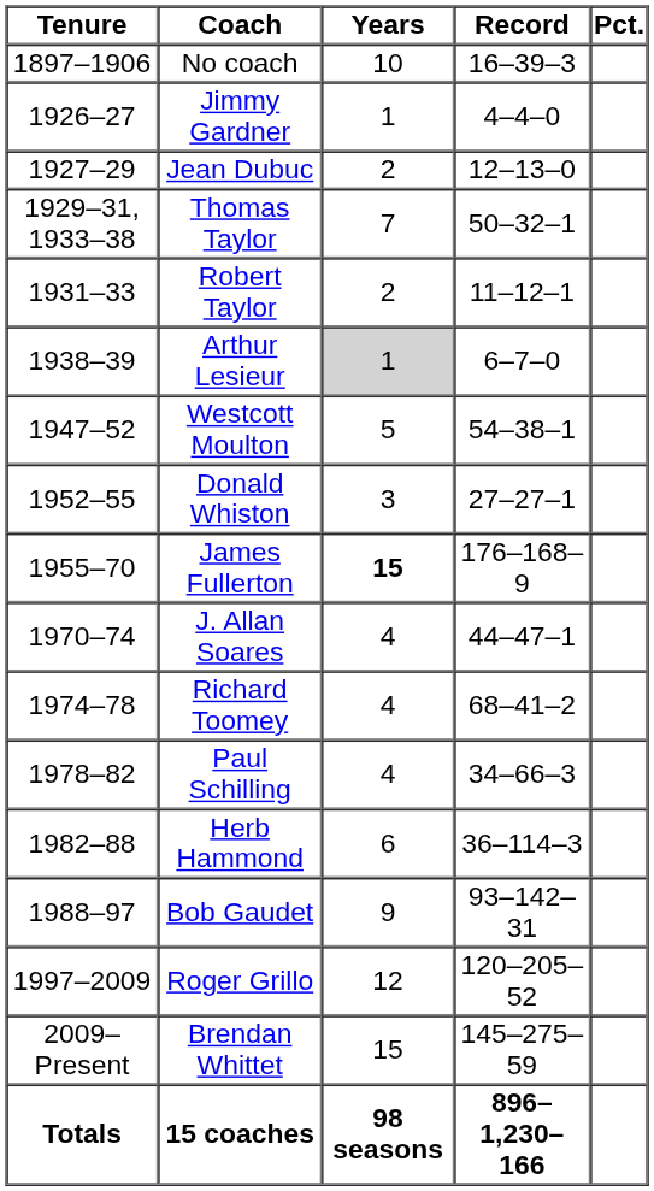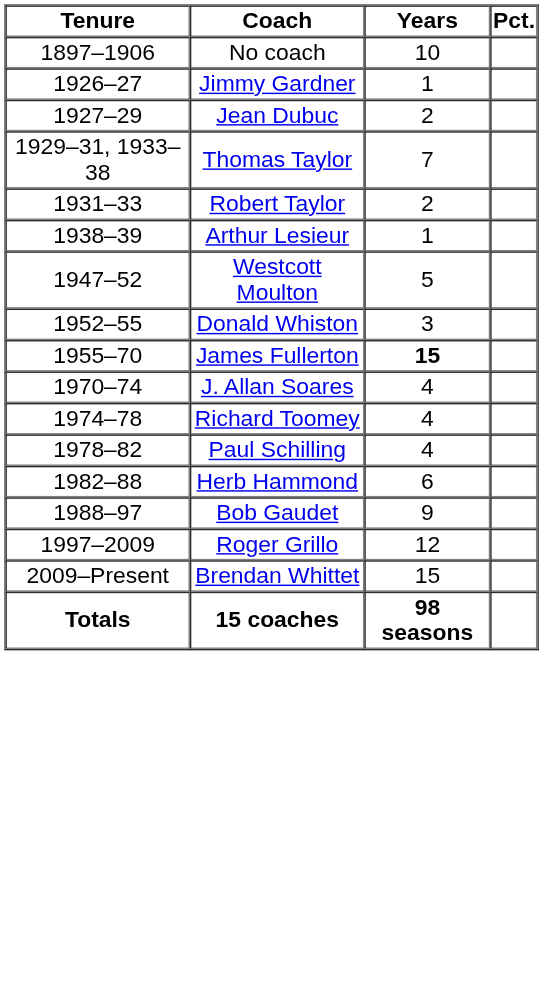 <table cellpadding="1" border="1" cellspacing="0" width="60%">
 <tr>
 <th>Tenure</th>
 <th>Coach</th>
 <th>Years</th>
-<th>Record</th>
 <th>Pct.</th>
 </tr>
 <tr style="text-align:center;">
 <td>1897–1906</td>
 <td>No coach</td>
 <td>10</td>
-<td>16–39–3</td>
 <td></td>
 </tr>
 <tr style="text-align:center;">
 <td>1926–27</td>
 <td><a href='#'>Jimmy Gardner</a></td>
 <td>1</td>
-<td>4–4–0</td>
 <td></td>
 </tr>
 <tr style="text-align:center;">
 <td>1927–29</td>
 <td><a href='#'>Jean Dubuc</a></td>
 <td>2</td>
-<td>12–13–0</td>
 <td></td>
 </tr>
 <tr style="text-align:center;">
 <td>1929–31, 1933–38</td>
 <td><a href='#'>Thomas Taylor</a></td>
 <td>7</td>
-<td>50–32–1</td>
 <td></td>
 </tr>
 <tr style="text-align:center;">
 <td>1931–33</td>
 <td><a href='#'>Robert Taylor</a></td>
 <td>2</td>
-<td>11–12–1</td>
 <td></td>
 </tr>
 <tr style="text-align:center;">
 <td>1938–39</td>
 <td><a href='#'>Arthur Lesieur</a></td>
-<td style="background: lightgrey;">1</td>
-<td>6–7–0</td>
+<td>1</td>
 <td></td>
 </tr>
 <tr style="text-align:center;">
 <td>1947–52</td>
 <td><a href='#'>Westcott Moulton</a></td>
 <td>5</td>
-<td>54–38–1</td>
 <td></td>
 </tr>
 <tr style="text-align:center;">
 <td>1952–55</td>
 <td><a href='#'>Donald Whiston</a></td>
 <td>3</td>
-<td>27–27–1</td>
 <td></td>
 </tr>
 <tr style="text-align:center;">
 <td>1955–70</td>
 <td><a href='#'>James Fullerton</a></td>
 <td><strong>15</strong></td>
-<td>176–168–9</td>
 <td></td>
 </tr>
 <tr align=center>
 <td>1970–74</td>
 <td><a href='#'>J. Allan Soares</a></td>
 <td>4</td>
-<td>44–47–1</td>
 <td></td>
 </tr>
 <tr style="text-align:center;">
 <td>1974–78</td>
 <td><a href='#'>Richard Toomey</a></td>
 <td>4</td>
-<td>68–41–2</td>
 <td></td>
 </tr>
 <tr style="text-align:center;">
 <td>1978–82</td>
 <td><a href='#'>Paul Schilling</a></td>
 <td>4</td>
-<td>34–66–3</td>
 <td></td>
 </tr>
 <tr style="text-align:center;">
 <td>1982–88</td>
 <td><a href='#'>Herb Hammond</a></td>
 <td>6</td>
-<td>36–114–3</td>
 <td></td>
 </tr>
 <tr style="text-align:center;">
 <td>1988–97</td>
 <td><a href='#'>Bob Gaudet</a></td>
 <td>9</td>
-<td>93–142–31</td>
 <td></td>
 </tr>
 <tr style="text-align:center;">
 <td>1997–2009</td>
 <td><a href='#'>Roger Grillo</a></td>
 <td>12</td>
-<td>120–205–52</td>
 <td></td>
 </tr>
 <tr style="text-align:center;">
 <td>2009–Present</td>
 <td><a href='#'>Brendan Whittet</a></td>
 <td>15</td>
-<td>145–275–59</td>
 <td></td>
 </tr>
 <tr style="text-align:center;">
 <th>Totals</th>
 <th>15 coaches</th>
 <th>98 seasons</th>
-<th>896–1,230–166</th>
 <th></th>
 </tr>
 </table>
